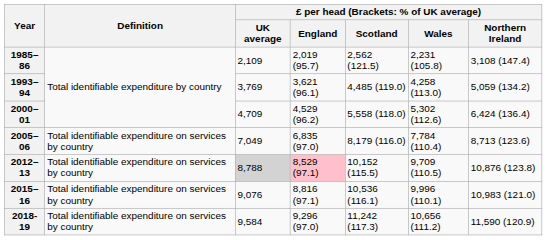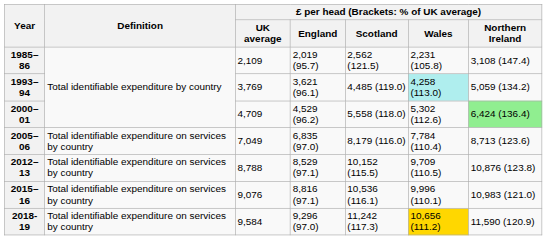 <table class="wikitable">
 <tr>
 <th rowspan="2">Year</th>
 <th rowspan="2">Definition</th>
 <th colspan="5">£ per head  (Brackets: % of UK average)</th>
 </tr>
 <tr>
 <th>UK average</th>
 <th>England</th>
 <th>Scotland</th>
 <th>Wales</th>
 <th>Northern Ireland</th>
 </tr>
 <tr>
 <th>1985–86</th>
 <td rowspan="3">Total identifiable expenditure by country</td>
 <td>2,109</td>
 <td>2,019  (95.7)</td>
 <td>2,562  (121.5)</td>
 <td>2,231  (105.8)</td>
 <td>3,108  (147.4)</td>
 </tr>
 <tr>
 <th>1993–94</th>
 <td>3,769</td>
 <td>3,621  (96.1)</td>
 <td>4,485  (119.0)</td>
-<td>4,258  (113.0)</td>
+<td style="background: paleturquoise;">4,258  (113.0)</td>
 <td>5,059  (134.2)</td>
 </tr>
 <tr>
 <th>2000–01</th>
 <td>4,709</td>
 <td>4,529  (96.2)</td>
 <td>5,558  (118.0)</td>
 <td>5,302  (112.6)</td>
-<td>6,424  (136.4)</td>
+<td style="background: lightgreen;">6,424  (136.4)</td>
 </tr>
 <tr>
 <th>2005–06</th>
 <td>Total identifiable expenditure on services by country</td>
 <td>7,049</td>
 <td>6,835  (97.0)</td>
 <td>8,179  (116.0)</td>
 <td>7,784  (110.4)</td>
 <td>8,713  (123.6)</td>
 </tr>
 <tr>
 <th>2012–13</th>
 <td>Total identifiable expenditure on services by country</td>
-<td style="background: lightgrey;">8,788</td>
-<td style="background: pink;">8,529  (97.1)</td>
+<td>8,788</td>
+<td>8,529  (97.1)</td>
 <td>10,152  (115.5)</td>
 <td>9,709  (110.5)</td>
 <td>10,876  (123.8)</td>
 </tr>
 <tr>
 <th>2015–16</th>
 <td>Total identifiable expenditure on services by country</td>
 <td>9,076</td>
 <td>8,816  (97.1)</td>
 <td>10,536  (116.1)</td>
 <td>9,996  (110.1)</td>
 <td>10,983  (121.0)</td>
 </tr>
 <tr>
 <th>2018-19</th>
 <td>Total identifiable expenditure on services by country</td>
 <td>9,584</td>
 <td>9,296  (97.0)</td>
 <td>11,242  (117.3)</td>
-<td>10,656  (111.2)</td>
+<td style="background: gold;">10,656  (111.2)</td>
 <td>11,590  (120.9)</td>
 </tr>
 </table>
